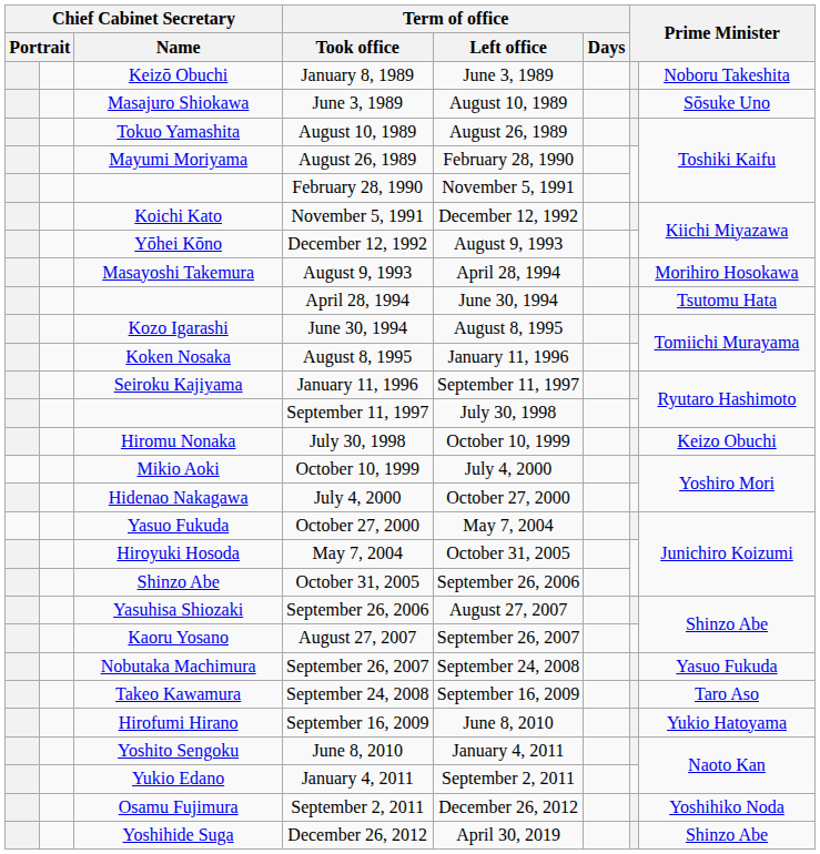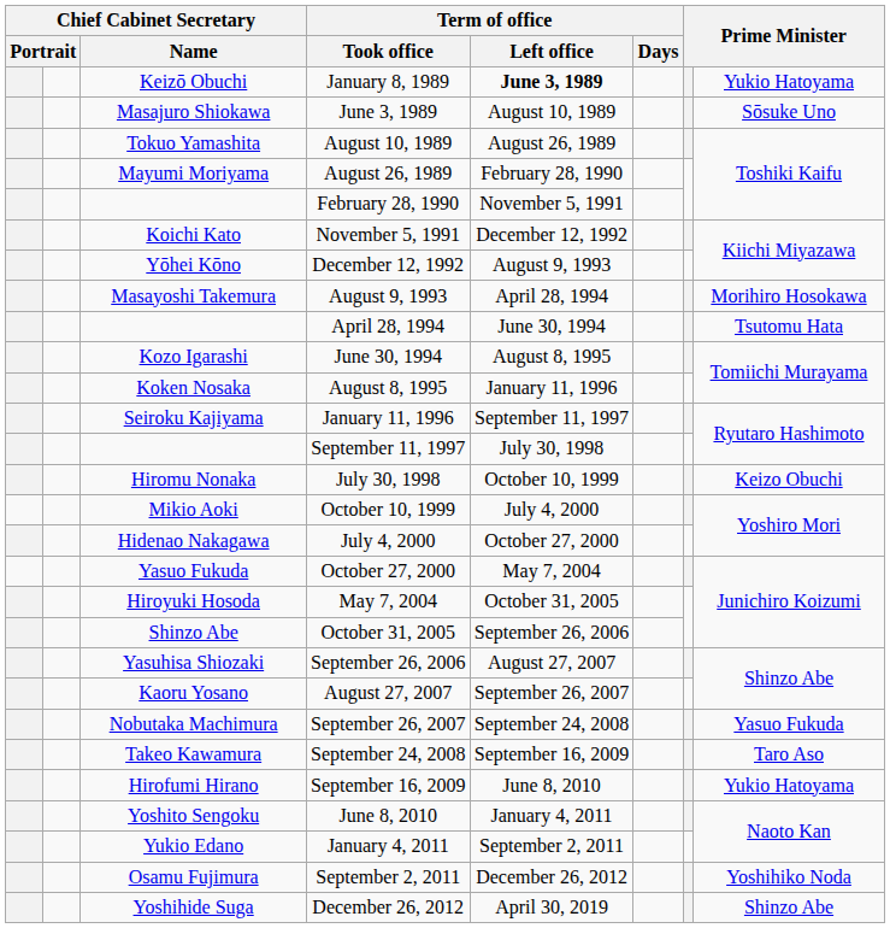 <table class="wikitable"  style="text-align:center">
 <tr>
 <th colspan=3>Chief Cabinet Secretary</th>
 <th colspan=3>Term of office</th>
 <th style="width:160px;" rowspan=2 colspan=2>Prime Minister</th>
 </tr>
 <tr>
 <th colspan=2>Portrait</th>
 <th width="180">Name</th>
 <th>Took office</th>
 <th>Left office</th>
 <th>Days</th>
 </tr>
 <tr>
 <th style="background-color: "></th>
 <td></td>
 <td><a href='#'>Keizō Obuchi</a></td>
 <td>January 8, 1989</td>
-<td>June 3, 1989</td>
+<td><strong>June 3, 1989</strong></td>
 <td></td>
 <th style="background-color: "></th>
-<td><a href='#'>Noboru Takeshita</a></td>
+<td><a href='#'>Yukio Hatoyama</a></td>
 </tr>
 <tr>
 <th style="background-color: "></th>
 <td></td>
 <td><a href='#'>Masajuro Shiokawa</a></td>
 <td>June 3, 1989</td>
 <td>August 10, 1989</td>
 <td></td>
 <th style="background-color: "></th>
 <td><a href='#'>Sōsuke Uno</a></td>
 </tr>
 <tr>
 <th style="background-color: "></th>
 <td></td>
 <td><a href='#'>Tokuo Yamashita</a></td>
 <td>August 10, 1989</td>
 <td>August 26, 1989</td>
 <td></td>
 <th style="background-color: "></th>
 <td rowspan=3><a href='#'>Toshiki Kaifu</a></td>
 </tr>
 <tr>
 <th style="background-color: "></th>
 <td></td>
 <td><a href='#'>Mayumi Moriyama</a></td>
 <td>August 26, 1989</td>
 <td>February 28, 1990</td>
 <td></td>
 </tr>
 <tr>
 <th style="background-color: "></th>
 <td></td>
 <td></td>
 <td>February 28, 1990</td>
 <td>November 5, 1991</td>
 <td></td>
 </tr>
 <tr>
 <th style="background-color: "></th>
 <td></td>
 <td><a href='#'>Koichi Kato</a></td>
 <td>November 5, 1991</td>
 <td>December 12, 1992</td>
 <td></td>
 <th style="background-color: "></th>
 <td rowspan=2><a href='#'>Kiichi Miyazawa</a></td>
 </tr>
 <tr>
 <th style="background-color: "></th>
 <td></td>
 <td><a href='#'>Yōhei Kōno</a></td>
 <td>December 12, 1992</td>
 <td>August 9, 1993</td>
 <td></td>
 </tr>
 <tr>
 <th style="background-color: "></th>
 <td></td>
 <td><a href='#'>Masayoshi Takemura</a></td>
 <td>August 9, 1993</td>
 <td>April 28, 1994</td>
 <td></td>
 <th style="background-color: "></th>
 <td><a href='#'>Morihiro Hosokawa</a></td>
 </tr>
 <tr>
 <th style="background-color: "></th>
 <td></td>
 <td></td>
 <td>April 28, 1994</td>
 <td>June 30, 1994</td>
 <td></td>
 <th style="background-color: "></th>
 <td><a href='#'>Tsutomu Hata</a></td>
 </tr>
 <tr>
 <th style="background-color: "></th>
 <td></td>
 <td><a href='#'>Kozo Igarashi</a></td>
 <td>June 30, 1994</td>
 <td>August 8, 1995</td>
 <td></td>
 <th style="background-color: "></th>
 <td rowspan=2><a href='#'>Tomiichi Murayama</a></td>
 </tr>
 <tr>
 <th style="background-color: "></th>
 <td></td>
 <td><a href='#'>Koken Nosaka</a></td>
 <td>August 8, 1995</td>
 <td>January 11, 1996</td>
 <td></td>
 </tr>
 <tr>
 <th style="background-color: "></th>
 <td></td>
 <td><a href='#'>Seiroku Kajiyama</a></td>
 <td>January 11, 1996</td>
 <td>September 11, 1997</td>
 <td></td>
 <th style="background-color: "></th>
 <td rowspan=2><a href='#'>Ryutaro Hashimoto</a></td>
 </tr>
 <tr>
 <th style="background-color: "></th>
 <td></td>
 <td></td>
 <td>September 11, 1997</td>
 <td>July 30, 1998</td>
 <td></td>
 </tr>
 <tr>
 <th style="background-color: "></th>
 <td></td>
 <td><a href='#'>Hiromu Nonaka</a></td>
 <td>July 30, 1998</td>
 <td>October 10, 1999</td>
 <td></td>
 <th style="background-color: "></th>
 <td rowspan=2><a href='#'>Keizo Obuchi</a></td>
 </tr>
 <tr>
 <td rowspan=2 style="background-color:  "></td>
 <td rowspan=2></td>
 <td rowspan=2><a href='#'>Mikio Aoki</a></td>
 <td rowspan=2>October 10, 1999</td>
 <td rowspan=2>July 4, 2000</td>
 <td rowspan=2></td>
 </tr>
 <tr>
 <th style="background-color: "></th>
 <td rowspan=3><a href='#'>Yoshiro Mori</a></td>
 </tr>
 <tr>
 <th style="background-color: "></th>
 <td></td>
 <td><a href='#'>Hidenao Nakagawa</a></td>
 <td>July 4, 2000</td>
 <td>October 27, 2000</td>
 <td></td>
 </tr>
 <tr>
 <td rowspan=2 style="background-color: "></td>
 <td rowspan=2></td>
 <td rowspan=2><a href='#'>Yasuo Fukuda</a></td>
 <td rowspan=2>October 27, 2000</td>
 <td rowspan=2>May 7, 2004</td>
 <td rowspan=2></td>
 </tr>
 <tr>
 <th style="background-color: "></th>
 <td rowspan=3><a href='#'>Junichiro Koizumi</a></td>
 </tr>
 <tr>
 <th style="background-color: "></th>
 <td></td>
 <td><a href='#'>Hiroyuki Hosoda</a></td>
 <td>May 7, 2004</td>
 <td>October 31, 2005</td>
 <td></td>
 </tr>
 <tr>
 <th style="background-color: "></th>
 <td></td>
 <td><a href='#'>Shinzo Abe</a></td>
 <td>October 31, 2005</td>
 <td>September 26, 2006</td>
 <td></td>
 </tr>
 <tr>
 <th style="background-color: "></th>
 <td></td>
 <td><a href='#'>Yasuhisa Shiozaki</a></td>
 <td>September 26, 2006</td>
 <td>August 27, 2007</td>
 <td></td>
 <th style="background-color: "></th>
 <td rowspan=2><a href='#'>Shinzo Abe</a></td>
 </tr>
 <tr>
 <th style="background-color: "></th>
 <td></td>
 <td><a href='#'>Kaoru Yosano</a></td>
 <td>August 27, 2007</td>
 <td>September 26, 2007</td>
 <td></td>
 </tr>
 <tr>
 <th style="background-color: "></th>
 <td></td>
 <td><a href='#'>Nobutaka Machimura</a></td>
 <td>September 26, 2007</td>
 <td>September 24, 2008</td>
 <td></td>
 <th style="background-color: "></th>
 <td><a href='#'>Yasuo Fukuda</a></td>
 </tr>
 <tr>
 <th style="background-color: "></th>
 <td></td>
 <td><a href='#'>Takeo Kawamura</a></td>
 <td>September 24, 2008</td>
 <td>September 16, 2009</td>
 <td></td>
 <th style="background-color: "></th>
 <td><a href='#'>Taro Aso</a></td>
 </tr>
 <tr>
 <th style="background-color: "></th>
 <td></td>
 <td><a href='#'>Hirofumi Hirano</a></td>
 <td>September 16, 2009</td>
 <td>June 8, 2010</td>
 <td></td>
 <th style="background-color: "></th>
 <td><a href='#'>Yukio Hatoyama</a></td>
 </tr>
 <tr>
 <th style="background-color: "></th>
 <td></td>
 <td><a href='#'>Yoshito Sengoku</a></td>
 <td>June 8, 2010</td>
 <td>January 4, 2011</td>
 <td></td>
 <th style="background-color: "></th>
 <td rowspan=2><a href='#'>Naoto Kan</a></td>
 </tr>
 <tr>
 <th style="background-color: "></th>
 <td></td>
 <td><a href='#'>Yukio Edano</a></td>
 <td>January 4, 2011</td>
 <td>September 2, 2011</td>
 <td></td>
 </tr>
 <tr>
 <th style="background-color: "></th>
 <td></td>
 <td><a href='#'>Osamu Fujimura</a></td>
 <td>September 2, 2011</td>
 <td>December 26, 2012</td>
 <td></td>
 <th style="background-color: "></th>
 <td><a href='#'>Yoshihiko Noda</a></td>
 </tr>
 <tr>
 <th style="background-color: "></th>
 <td></td>
 <td><a href='#'>Yoshihide Suga</a></td>
 <td>December 26, 2012</td>
 <td>April 30, 2019</td>
 <td></td>
 <th style="background-color: "></th>
 <td><a href='#'>Shinzo Abe</a></td>
 </tr>
 </table>
